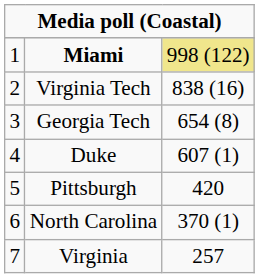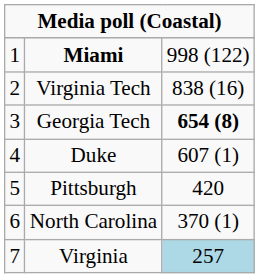 <table class="wikitable">
 <tr align="center">
 <td align="center" Colspan="3"><strong>Media poll (Coastal)</strong></td>
 </tr>
 <tr align="center">
 </tr>
 <tr align="center">
 <td>1</td>
 <td><strong>Miami</strong></td>
-<td style="background: khaki;">998 (122)</td>
+<td>998 (122)</td>
 </tr>
 <tr align="center">
 <td>2</td>
 <td>Virginia Tech</td>
 <td>838 (16)</td>
 </tr>
 <tr align="center">
 <td>3</td>
 <td>Georgia Tech</td>
-<td>654 (8)</td>
+<td><strong>654 (8)</strong></td>
 </tr>
 <tr align="center">
 <td>4</td>
 <td>Duke</td>
 <td>607 (1)</td>
 </tr>
 <tr align="center">
 <td>5</td>
 <td>Pittsburgh</td>
 <td>420</td>
 </tr>
 <tr align="center">
 <td>6</td>
 <td>North Carolina</td>
 <td>370 (1)</td>
 </tr>
 <tr align="center">
 <td>7</td>
 <td>Virginia</td>
-<td>257</td>
+<td style="background: lightblue;">257</td>
 </tr>
 </table>
